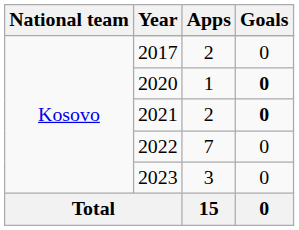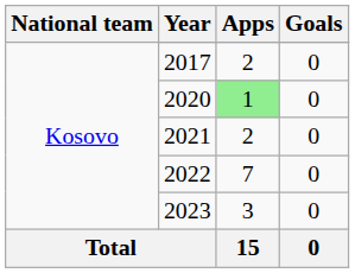 <table class="wikitable" style="text-align:center">
 <tr>
 <th>National team</th>
 <th>Year</th>
 <th>Apps</th>
 <th>Goals</th>
 </tr>
 <tr>
 <td rowspan=6><a href='#'>Kosovo</a></td>
 </tr>
 <tr>
 <td>2017</td>
 <td>2</td>
 <td>0</td>
 </tr>
 <tr>
 <td>2020</td>
-<td>1</td>
-<td><strong>0</strong></td>
+<td style="background: lightgreen;">1</td>
+<td>0</td>
 </tr>
 <tr>
 <td>2021</td>
 <td>2</td>
-<td><strong>0</strong></td>
+<td>0</td>
 </tr>
 <tr>
 <td>2022</td>
 <td>7</td>
 <td>0</td>
 </tr>
 <tr>
 <td>2023</td>
 <td>3</td>
 <td>0</td>
 </tr>
 <tr>
 <th colspan="2">Total</th>
 <th>15</th>
 <th>0</th>
 </tr>
 </table>
